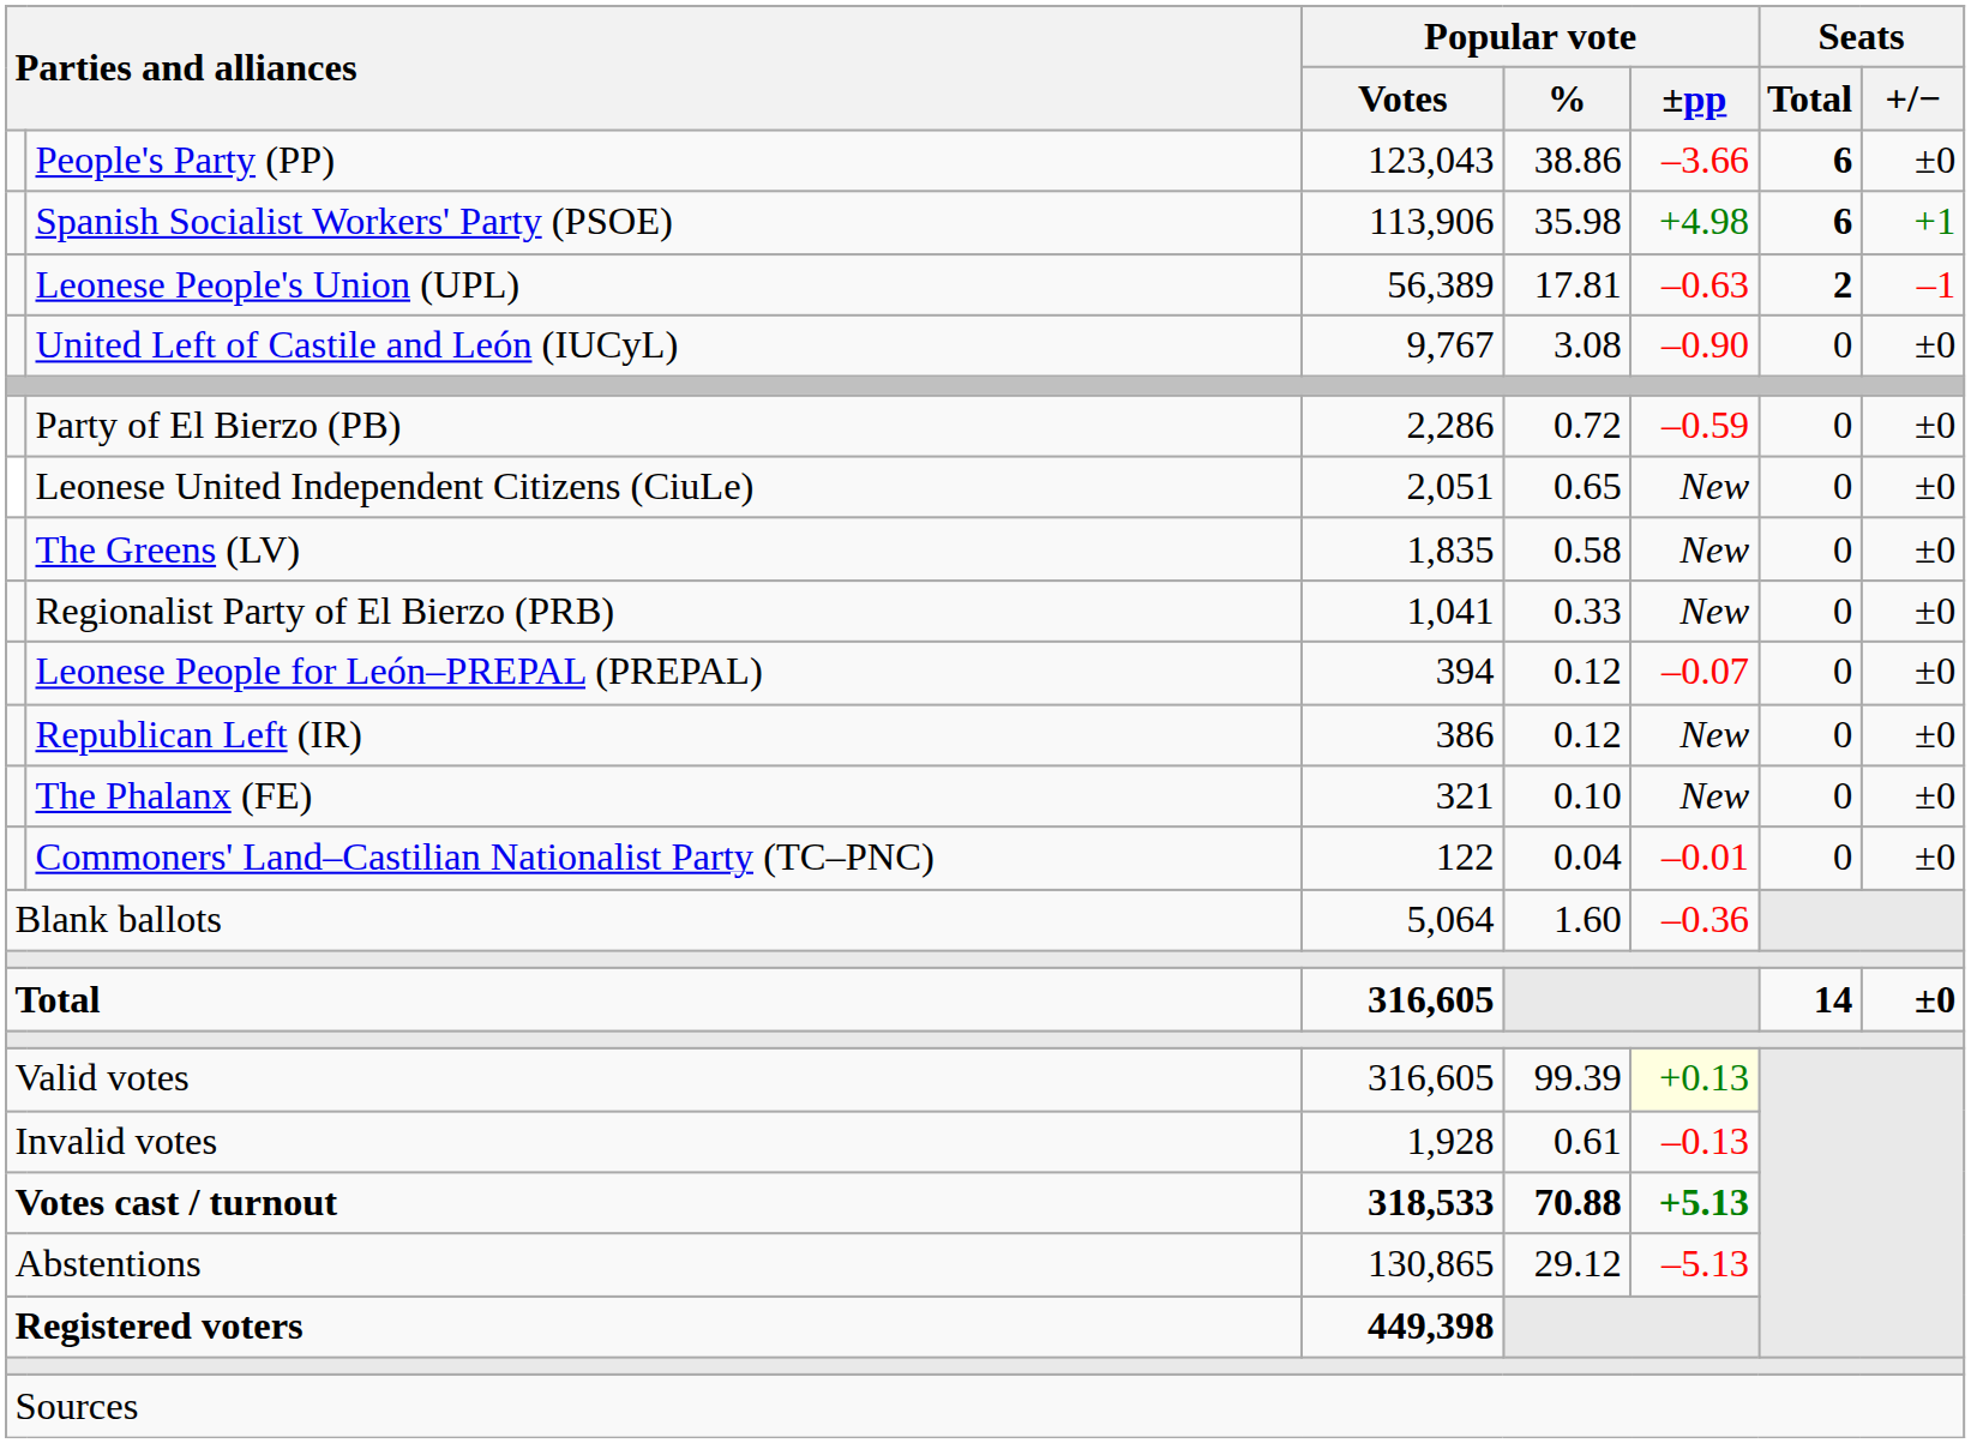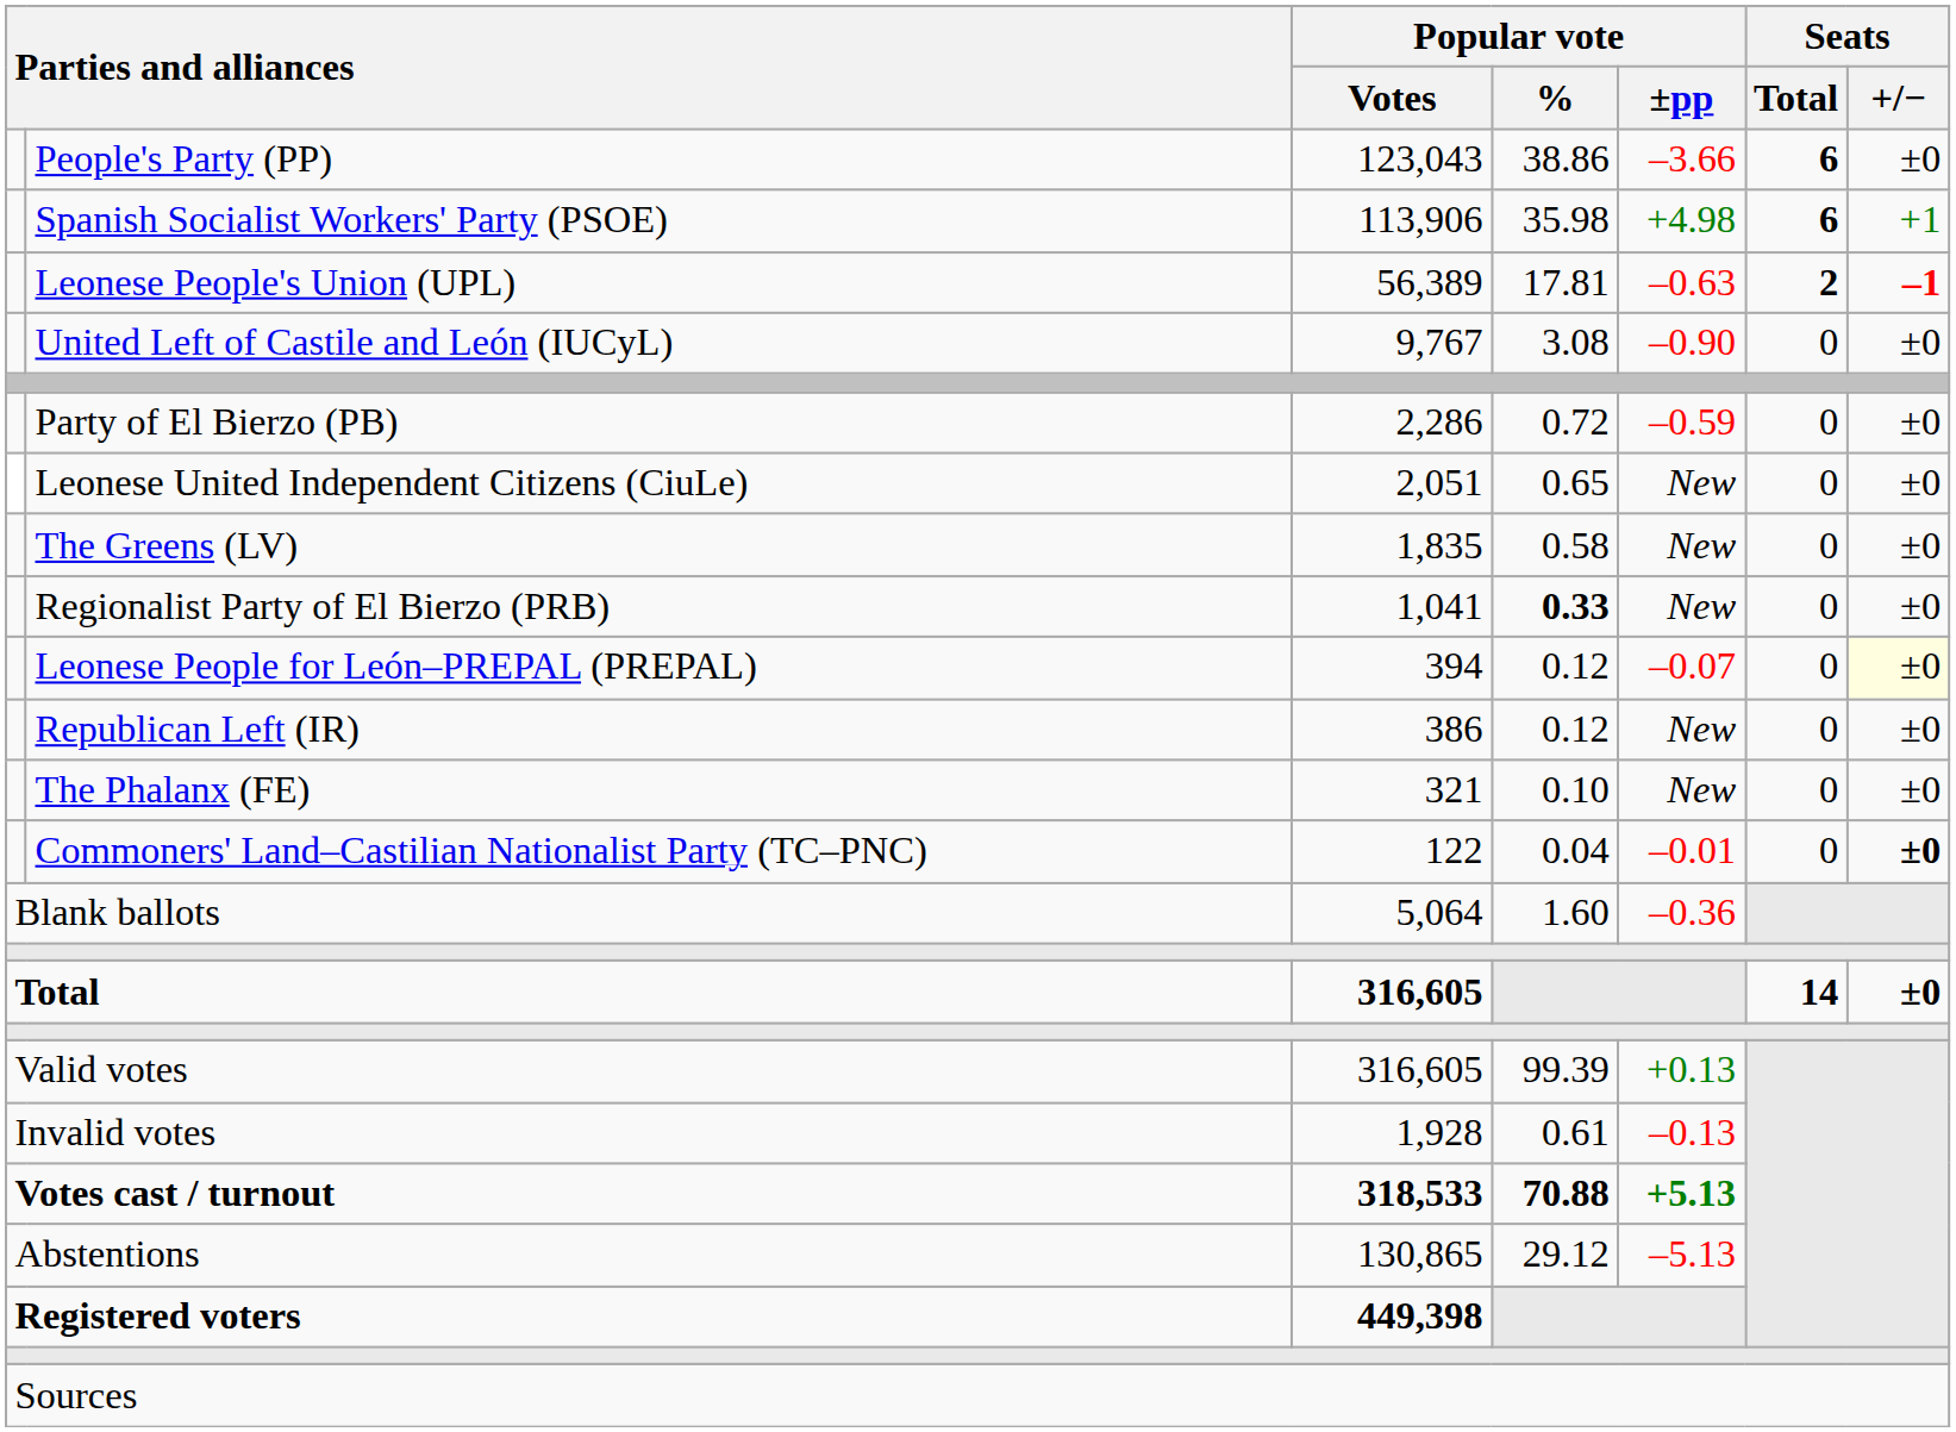 <table class="wikitable" style="text-align:right;">
 <tr>
 <th style="text-align:left;" rowspan="2" colspan="2" width="525">Parties and alliances</th>
 <th colspan="3">Popular vote</th>
 <th colspan="2">Seats</th>
 </tr>
 <tr>
 <th width="75">Votes</th>
 <th width="45">%</th>
 <th width="45">±<a href='#'>pp</a></th>
 <th width="35">Total</th>
 <th width="35">+/−</th>
 </tr>
 <tr>
 <td width="1" style="color:inherit;background:"></td>
 <td align="left"><a href='#'>People's Party</a> (PP)</td>
 <td>123,043</td>
 <td>38.86</td>
 <td style="color:red;">–3.66</td>
 <td><strong>6</strong></td>
 <td>±0</td>
 </tr>
 <tr>
 <td style="color:inherit;background:"></td>
 <td align="left"><a href='#'>Spanish Socialist Workers' Party</a> (PSOE)</td>
 <td>113,906</td>
 <td>35.98</td>
 <td style="color:green;">+4.98</td>
 <td><strong>6</strong></td>
 <td style="color:green;">+1</td>
 </tr>
 <tr>
 <td style="color:inherit;background:"></td>
 <td align="left"><a href='#'>Leonese People's Union</a> (UPL)</td>
 <td>56,389</td>
 <td>17.81</td>
 <td style="color:red;">–0.63</td>
 <td><strong>2</strong></td>
-<td style="color:red;">–1</td>
+<td style="color:red;"><strong>–1</strong></td>
 </tr>
 <tr>
 <td style="color:inherit;background:"></td>
 <td align="left"><a href='#'>United Left of Castile and León</a> (IUCyL)</td>
 <td>9,767</td>
 <td>3.08</td>
 <td style="color:red;">–0.90</td>
 <td>0</td>
 <td>±0</td>
 </tr>
 <tr>
 <td colspan="7" bgcolor="#C0C0C0"></td>
 </tr>
 <tr>
 <td style="color:inherit;background:"></td>
 <td align="left">Party of El Bierzo (PB)</td>
 <td>2,286</td>
 <td>0.72</td>
 <td style="color:red;">–0.59</td>
 <td>0</td>
 <td>±0</td>
 </tr>
 <tr>
 <td bgcolor="white"></td>
 <td align="left">Leonese United Independent Citizens (CiuLe)</td>
 <td>2,051</td>
 <td>0.65</td>
 <td><em>New</em></td>
 <td>0</td>
 <td>±0</td>
 </tr>
 <tr>
 <td style="color:inherit;background:"></td>
 <td align="left"><a href='#'>The Greens</a> (LV)</td>
 <td>1,835</td>
 <td>0.58</td>
 <td><em>New</em></td>
 <td>0</td>
 <td>±0</td>
 </tr>
 <tr>
 <td style="color:inherit;background:"></td>
 <td align="left">Regionalist Party of El Bierzo (PRB)</td>
 <td>1,041</td>
-<td>0.33</td>
+<td><strong>0.33</strong></td>
 <td><em>New</em></td>
 <td>0</td>
 <td>±0</td>
 </tr>
 <tr>
 <td style="color:inherit;background:"></td>
 <td align="left"><a href='#'>Leonese People for León–PREPAL</a> (PREPAL)</td>
 <td>394</td>
 <td>0.12</td>
 <td style="color:red;">–0.07</td>
 <td>0</td>
-<td>±0</td>
+<td style="background: lightyellow;">±0</td>
 </tr>
 <tr>
 <td style="color:inherit;background:"></td>
 <td align="left"><a href='#'>Republican Left</a> (IR)</td>
 <td>386</td>
 <td>0.12</td>
 <td><em>New</em></td>
 <td>0</td>
 <td>±0</td>
 </tr>
 <tr>
 <td style="color:inherit;background:"></td>
 <td align="left"><a href='#'>The Phalanx</a> (FE)</td>
 <td>321</td>
 <td>0.10</td>
 <td><em>New</em></td>
 <td>0</td>
 <td>±0</td>
 </tr>
 <tr>
 <td style="color:inherit;background:"></td>
 <td align="left"><a href='#'>Commoners' Land–Castilian Nationalist Party</a> (TC–PNC)</td>
 <td>122</td>
 <td>0.04</td>
 <td style="color:red;">–0.01</td>
 <td>0</td>
-<td>±0</td>
+<td><strong>±0</strong></td>
 </tr>
 <tr>
 <td align="left" colspan="2">Blank ballots</td>
 <td>5,064</td>
 <td>1.60</td>
 <td style="color:red;">–0.36</td>
 <td bgcolor="#E9E9E9" colspan="2"></td>
 </tr>
 <tr>
 <td colspan="7" bgcolor="#E9E9E9"></td>
 </tr>
 <tr style="font-weight:bold;">
 <td align="left" colspan="2">Total</td>
 <td>316,605</td>
 <td bgcolor="#E9E9E9" colspan="2"></td>
 <td>14</td>
 <td>±0</td>
 </tr>
 <tr>
 <td colspan="7" bgcolor="#E9E9E9"></td>
 </tr>
 <tr>
 <td align="left" colspan="2">Valid votes</td>
 <td>316,605</td>
 <td>99.39</td>
-<td style="background: lightyellow; color:green;">+0.13</td>
+<td style="color:green;">+0.13</td>
 <td bgcolor="#E9E9E9" colspan="2" rowspan="5"></td>
 </tr>
 <tr>
 <td align="left" colspan="2">Invalid votes</td>
 <td>1,928</td>
 <td>0.61</td>
 <td style="color:red;">–0.13</td>
 </tr>
 <tr style="font-weight:bold;">
 <td align="left" colspan="2">Votes cast / turnout</td>
 <td>318,533</td>
 <td>70.88</td>
 <td style="color:green;">+5.13</td>
 </tr>
 <tr>
 <td align="left" colspan="2">Abstentions</td>
 <td>130,865</td>
 <td>29.12</td>
 <td style="color:red;">–5.13</td>
 </tr>
 <tr style="font-weight:bold;">
 <td align="left" colspan="2">Registered voters</td>
 <td>449,398</td>
 <td bgcolor="#E9E9E9" colspan="2"></td>
 </tr>
 <tr>
 <td colspan="7" bgcolor="#E9E9E9"></td>
 </tr>
 <tr>
 <td align="left" colspan="7">Sources</td>
 </tr>
 </table>
